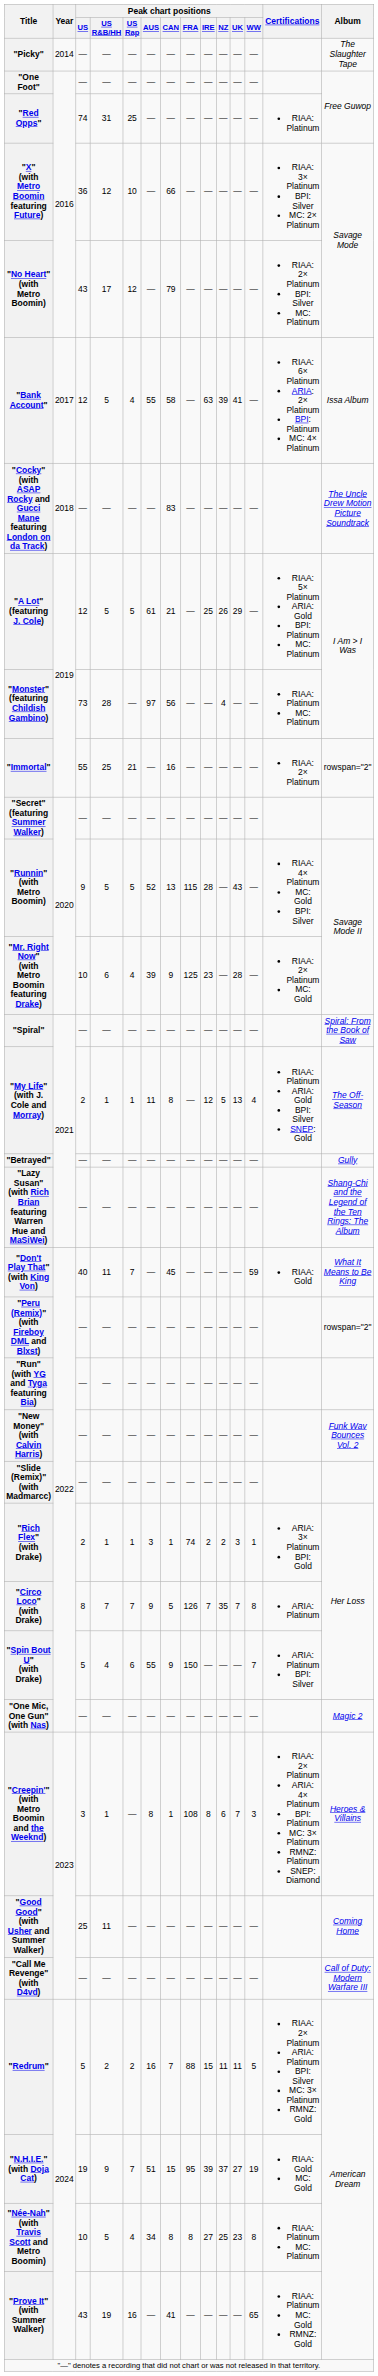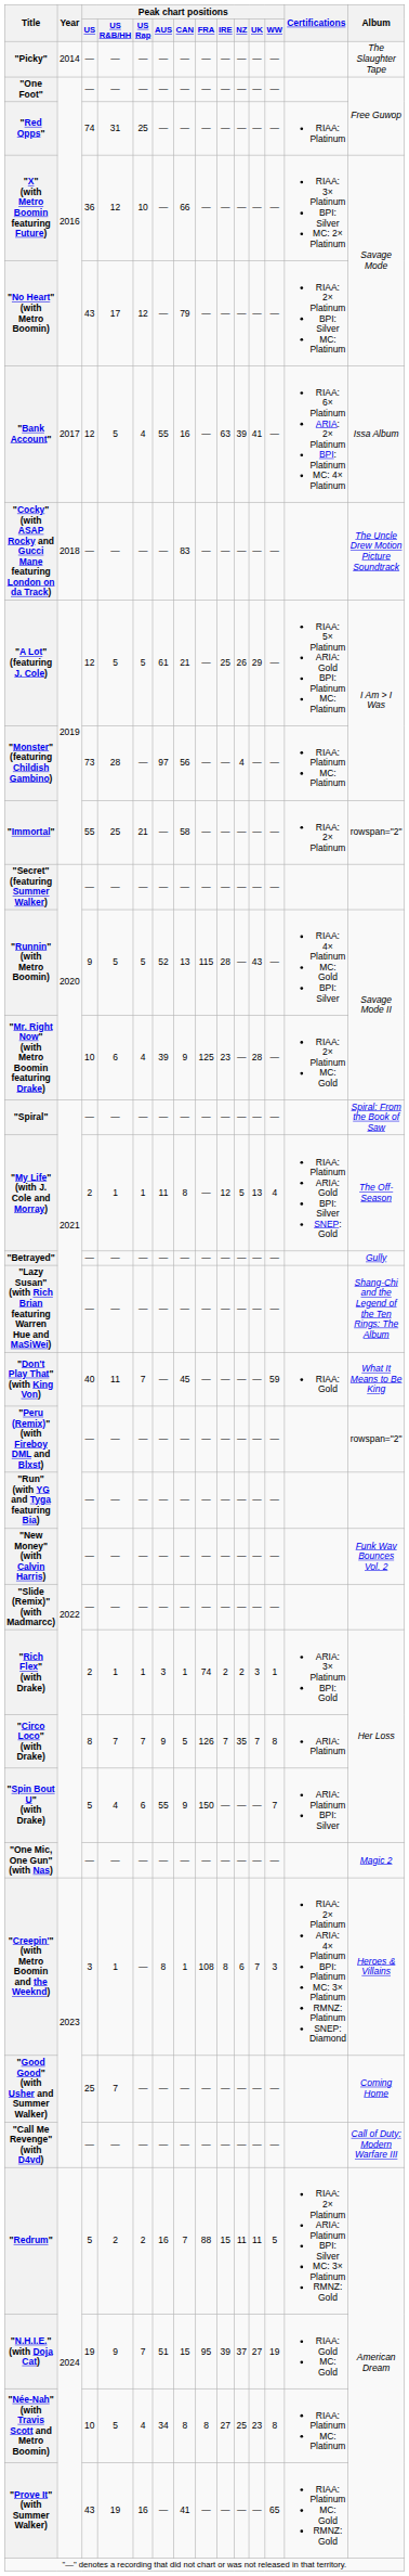 <table class="wikitable plainrowheaders" style="text-align:center;">
 <tr>
 <th scope="col" rowspan="2" style="width:14em;">Title</th>
 <th scope="col" rowspan="2">Year</th>
 <th scope="col" colspan="10">Peak chart positions</th>
 <th scope="col" rowspan="2" style="width:13em;"><a href='#'>Certifications</a></th>
 <th scope="col" rowspan="2">Album</th>
 </tr>
 <tr>
 <th scope="col" style="width:3em;font-size:90%;"><a href='#'>US</a><br></th>
 <th scope="col" style="width:3em;font-size:90%;"><a href='#'>US R&B/HH</a><br></th>
 <th scope="col" style="width:3em;font-size:90%;"><a href='#'>US Rap</a><br></th>
 <th scope="col" style="width:3em;font-size:90%;"><a href='#'>AUS</a><br></th>
 <th scope="col" style="width:3em;font-size:90%;"><a href='#'>CAN</a><br></th>
 <th scope="col" style="width:2.5em;font-size:90%;"><a href='#'>FRA</a><br></th>
 <th scope="col" style="width:2.5em;font-size:90%;"><a href='#'>IRE</a><br></th>
 <th scope="col" style="width:3em;font-size:90%;"><a href='#'>NZ</a><br></th>
 <th scope="col" style="width:3em;font-size:90%;"><a href='#'>UK</a><br></th>
 <th scope="col" style="width:3em;font-size:90%;"><a href='#'>WW</a><br></th>
 </tr>
 <tr>
 <th scope="row">"Picky"</th>
 <td>2014</td>
 <td>—</td>
 <td>—</td>
 <td>—</td>
 <td>—</td>
 <td>—</td>
 <td>—</td>
 <td>—</td>
 <td>—</td>
 <td>—</td>
 <td>—</td>
 <td></td>
 <td><em>The Slaughter Tape</em></td>
 </tr>
 <tr>
 <th scope="row">"One Foot"</th>
 <td rowspan="4">2016</td>
 <td>—</td>
 <td>—</td>
 <td>—</td>
 <td>—</td>
 <td>—</td>
 <td>—</td>
 <td>—</td>
 <td>—</td>
 <td>—</td>
 <td>—</td>
 <td></td>
 <td rowspan="2"><em>Free Guwop</em></td>
 </tr>
 <tr>
 <th scope="row">"<a href='#'>Red Opps</a>"</th>
 <td>74</td>
 <td>31</td>
 <td>25</td>
 <td>—</td>
 <td>—</td>
 <td>—</td>
 <td>—</td>
 <td>—</td>
 <td>—</td>
 <td>—</td>
 <td><br><ul><li>RIAA: Platinum</li></ul></td>
 </tr>
 <tr>
 <th scope="row">"<a href='#'>X</a>"<br><span>(with <a href='#'>Metro Boomin</a> featuring <a href='#'>Future</a>)</span></th>
 <td>36</td>
 <td>12</td>
 <td>10</td>
 <td>—</td>
 <td>66</td>
 <td>—</td>
 <td>—</td>
 <td>—</td>
 <td>—</td>
 <td>—</td>
 <td><br><ul><li>RIAA: 3× Platinum</li><li>BPI: Silver</li><li>MC: 2× Platinum</li></ul></td>
 <td rowspan="2"><em>Savage Mode</em></td>
 </tr>
 <tr>
 <th scope="row">"<a href='#'>No Heart</a>"<br><span>(with Metro Boomin)</span></th>
 <td>43</td>
 <td>17</td>
 <td>12</td>
 <td>—</td>
 <td>79</td>
 <td>—</td>
 <td>—</td>
 <td>—</td>
 <td>—</td>
 <td>—</td>
 <td><br><ul><li>RIAA: 2× Platinum</li><li>BPI: Silver</li><li>MC: Platinum</li></ul></td>
 </tr>
 <tr>
 <th scope="row">"<a href='#'>Bank Account</a>"</th>
 <td>2017</td>
 <td>12</td>
 <td>5</td>
 <td>4</td>
 <td>55</td>
-<td>58</td>
+<td>16</td>
 <td>—</td>
 <td>63</td>
 <td>39</td>
 <td>41</td>
 <td>—</td>
 <td><br><ul><li>RIAA: 6× Platinum</li><li><a href='#'>ARIA</a>: 2× Platinum</li><li><a href='#'>BPI</a>: Platinum</li><li>MC: 4× Platinum</li></ul></td>
 <td><em>Issa Album</em></td>
 </tr>
 <tr>
 <th scope="row">"<a href='#'>Cocky</a>"<br><span>(with <a href='#'>ASAP Rocky</a> and <a href='#'>Gucci Mane</a> featuring <a href='#'>London on da Track</a>)</span></th>
 <td>2018</td>
 <td>—</td>
 <td>—</td>
 <td>—</td>
 <td>—</td>
 <td>83</td>
 <td>—</td>
 <td>—</td>
 <td>—</td>
 <td>—</td>
 <td>—</td>
 <td></td>
 <td><em><a href='#'>The Uncle Drew Motion Picture Soundtrack</a></em></td>
 </tr>
 <tr>
 <th scope="row">"<a href='#'>A Lot</a>"<br><span>(featuring <a href='#'>J. Cole</a>)</span></th>
 <td rowspan="3">2019</td>
 <td>12</td>
 <td>5</td>
 <td>5</td>
 <td>61</td>
 <td>21</td>
 <td>—</td>
 <td>25</td>
 <td>26</td>
 <td>29</td>
 <td>—</td>
 <td><br><ul><li>RIAA: 5× Platinum</li><li>ARIA: Gold</li><li>BPI: Platinum</li><li>MC: Platinum</li></ul></td>
 <td rowspan="2"><em>I Am > I Was</em></td>
 </tr>
 <tr>
 <th scope="row">"<a href='#'>Monster</a>"<br><span>(featuring <a href='#'>Childish Gambino</a>)</span></th>
 <td>73</td>
 <td>28</td>
 <td>—</td>
 <td>97</td>
 <td>56</td>
 <td>—</td>
 <td>—</td>
 <td>4</td>
 <td>—</td>
 <td>—</td>
 <td><br><ul><li>RIAA: Platinum</li><li>MC: Platinum</li></ul></td>
 </tr>
 <tr>
 <th scope="row">"<a href='#'>Immortal</a>"</th>
 <td>55</td>
 <td>25</td>
 <td>21</td>
 <td>—</td>
-<td>16</td>
+<td>58</td>
 <td>—</td>
 <td>—</td>
 <td>—</td>
 <td>—</td>
 <td>—</td>
 <td><br><ul><li>RIAA: 2× Platinum</li></ul></td>
 <td>rowspan="2" </td>
 </tr>
 <tr>
 <th scope="row">"Secret"<br><span>(featuring <a href='#'>Summer Walker</a>)</span></th>
 <td rowspan="3">2020</td>
 <td>—</td>
 <td>—</td>
 <td>—</td>
 <td>—</td>
 <td>—</td>
 <td>—</td>
 <td>—</td>
 <td>—</td>
 <td>—</td>
 <td>—</td>
 <td></td>
 </tr>
 <tr>
 <th scope="row">"<a href='#'>Runnin</a>"<br><span>(with Metro Boomin)</span></th>
 <td>9</td>
 <td>5</td>
 <td>5</td>
 <td>52</td>
 <td>13</td>
 <td>115</td>
 <td>28</td>
 <td>—</td>
 <td>43</td>
 <td>—</td>
 <td><br><ul><li>RIAA: 4× Platinum</li><li>MC: Gold</li><li>BPI: Silver</li></ul></td>
 <td rowspan="2"><em>Savage Mode II</em></td>
 </tr>
 <tr>
 <th scope="row">"<a href='#'>Mr. Right Now</a>"<br><span>(with Metro Boomin featuring <a href='#'>Drake</a>)</span></th>
 <td>10</td>
 <td>6</td>
 <td>4</td>
 <td>39</td>
 <td>9</td>
 <td>125</td>
 <td>23</td>
 <td>—</td>
 <td>28</td>
 <td>—</td>
 <td><br><ul><li>RIAA: 2× Platinum</li><li>MC: Gold</li></ul></td>
 </tr>
 <tr>
 <th scope="row">"Spiral"</th>
 <td rowspan="4">2021</td>
 <td>—</td>
 <td>—</td>
 <td>—</td>
 <td>—</td>
 <td>—</td>
 <td>—</td>
 <td>—</td>
 <td>—</td>
 <td>—</td>
 <td>—</td>
 <td></td>
 <td><em><a href='#'>Spiral: From the Book of Saw</a></em></td>
 </tr>
 <tr>
 <th scope="row">"<a href='#'>My Life</a>"<br><span>(with J. Cole and <a href='#'>Morray</a>)</span></th>
 <td>2</td>
 <td>1</td>
 <td>1</td>
 <td>11</td>
 <td>8</td>
 <td>—</td>
 <td>12</td>
 <td>5</td>
 <td>13</td>
 <td>4</td>
 <td><br><ul><li>RIAA: Platinum</li><li>ARIA: Gold</li><li>BPI: Silver</li><li><a href='#'>SNEP</a>: Gold</li></ul></td>
 <td><em><a href='#'>The Off-Season</a></em></td>
 </tr>
 <tr>
 <th scope="row">"Betrayed"</th>
 <td>—</td>
 <td>—</td>
 <td>—</td>
 <td>—</td>
 <td>—</td>
 <td>—</td>
 <td>—</td>
 <td>—</td>
 <td>—</td>
 <td>—</td>
 <td></td>
 <td><em><a href='#'>Gully</a></em></td>
 </tr>
 <tr>
 <th scope="row">"Lazy Susan"<br><span>(with <a href='#'>Rich Brian</a> featuring Warren Hue and <a href='#'>MaSiWei</a>)</span></th>
 <td>—</td>
 <td>—</td>
 <td>—</td>
 <td>—</td>
 <td>—</td>
 <td>—</td>
 <td>—</td>
 <td>—</td>
 <td>—</td>
 <td>—</td>
 <td></td>
 <td><em><a href='#'>Shang-Chi and the Legend of the Ten Rings: The Album</a></em></td>
 </tr>
 <tr>
 <th scope="row">"<a href='#'>Don't Play That</a>"<br><span>(with <a href='#'>King Von</a>)</span></th>
 <td rowspan="9">2022</td>
 <td>40</td>
 <td>11</td>
 <td>7</td>
 <td>—</td>
 <td>45</td>
 <td>—</td>
 <td>—</td>
 <td>—</td>
 <td>—</td>
 <td>59</td>
 <td><br><ul><li>RIAA: Gold</li></ul></td>
 <td><em><a href='#'>What It Means to Be King</a></em></td>
 </tr>
 <tr>
 <th scope="row">"<a href='#'>Peru (Remix)</a>"<br><span>(with <a href='#'>Fireboy DML</a> and <a href='#'>Blxst</a>)</span></th>
 <td>—</td>
 <td>—</td>
 <td>—</td>
 <td>—</td>
 <td>—</td>
 <td>—</td>
 <td>—</td>
 <td>—</td>
 <td>—</td>
 <td>—</td>
 <td></td>
 <td>rowspan="2" </td>
 </tr>
 <tr>
 <th scope="row">"Run"<br><span>(with <a href='#'>YG</a> and <a href='#'>Tyga</a> featuring <a href='#'>Bia</a>)</span></th>
 <td>—</td>
 <td>—</td>
 <td>—</td>
 <td>—</td>
 <td>—</td>
 <td>—</td>
 <td>—</td>
 <td>—</td>
 <td>—</td>
 <td>—</td>
 <td></td>
 </tr>
 <tr>
 <th scope="row">"New Money"<br><span>(with <a href='#'>Calvin Harris</a>)</span></th>
 <td>—</td>
 <td>—</td>
 <td>—</td>
 <td>—</td>
 <td>—</td>
 <td>—</td>
 <td>—</td>
 <td>—</td>
 <td>—</td>
 <td>—</td>
 <td></td>
 <td><em><a href='#'>Funk Wav Bounces Vol. 2</a></em></td>
 </tr>
 <tr>
 <th scope="row">"Slide (Remix)"<br><span>(with Madmarcc)</span></th>
 <td>—</td>
 <td>—</td>
 <td>—</td>
 <td>—</td>
 <td>—</td>
 <td>—</td>
 <td>—</td>
 <td>—</td>
 <td>—</td>
 <td>—</td>
 <td></td>
 <td></td>
 </tr>
 <tr>
 <th scope="row">"<a href='#'>Rich Flex</a>"<br><span>(with Drake)</span></th>
 <td>2</td>
 <td>1</td>
 <td>1</td>
 <td>3</td>
 <td>1</td>
 <td>74</td>
 <td>2</td>
 <td>2</td>
 <td>3</td>
 <td>1</td>
 <td><br><ul><li>ARIA: 3× Platinum</li><li>BPI: Gold</li></ul></td>
 <td rowspan="3"><em>Her Loss</em></td>
 </tr>
 <tr>
 <th scope="row">"<a href='#'>Circo Loco</a>"<br><span>(with Drake)</span></th>
 <td>8</td>
 <td>7</td>
 <td>7</td>
 <td>9</td>
 <td>5</td>
 <td>126</td>
 <td>7</td>
 <td>35</td>
 <td>7</td>
 <td>8</td>
 <td><br><ul><li>ARIA: Platinum</li></ul></td>
 </tr>
 <tr>
 <th scope="row">"<a href='#'>Spin Bout U</a>"<br><span>(with Drake)</span></th>
 <td>5</td>
 <td>4</td>
 <td>6</td>
 <td>55</td>
 <td>9</td>
 <td>150</td>
 <td>—</td>
 <td>—</td>
 <td>—</td>
 <td>7</td>
 <td><br><ul><li>ARIA: Platinum</li><li>BPI: Silver</li></ul></td>
 </tr>
 <tr>
 <th scope="row">"One Mic, One Gun"<br><span>(with <a href='#'>Nas</a>)</span></th>
 <td>—</td>
 <td>—</td>
 <td>—</td>
 <td>—</td>
 <td>—</td>
 <td>—</td>
 <td>—</td>
 <td>—</td>
 <td>—</td>
 <td>—</td>
 <td></td>
 <td><em><a href='#'>Magic 2</a></em></td>
 </tr>
 <tr>
 <th scope="row">"<a href='#'>Creepin'</a>"<br><span>(with Metro Boomin and <a href='#'>the Weeknd</a>)</span></th>
 <td rowspan="3">2023</td>
 <td>3</td>
 <td>1</td>
 <td>—</td>
 <td>8</td>
 <td>1</td>
 <td>108</td>
 <td>8</td>
 <td>6</td>
 <td>7</td>
 <td>3</td>
 <td><br><ul><li>RIAA: 2× Platinum</li><li>ARIA: 4× Platinum</li><li>BPI: Platinum</li><li>MC: 3× Platinum</li><li>RMNZ: Platinum</li><li>SNEP: Diamond</li></ul></td>
 <td><em><a href='#'>Heroes & Villains</a></em></td>
 </tr>
 <tr>
 <th scope="row">"<a href='#'>Good Good</a>"<br><span>(with <a href='#'>Usher</a> and Summer Walker)</span></th>
 <td>25</td>
-<td>11</td>
+<td>7</td>
 <td>—</td>
 <td>—</td>
 <td>—</td>
 <td>—</td>
 <td>—</td>
 <td>—</td>
 <td>—</td>
 <td>—</td>
 <td></td>
 <td><em><a href='#'>Coming Home</a></em></td>
 </tr>
 <tr>
 <th scope="row">"Call Me Revenge"<br><span>(with <a href='#'>D4vd</a>)</span></th>
 <td>—</td>
 <td>—</td>
 <td>—</td>
 <td>—</td>
 <td>—</td>
 <td>—</td>
 <td>—</td>
 <td>—</td>
 <td>—</td>
 <td>—</td>
 <td></td>
 <td><em><a href='#'>Call of Duty: Modern Warfare III</a></em></td>
 </tr>
 <tr>
 <th scope="row">"<a href='#'>Redrum</a>"</th>
 <td rowspan="4">2024</td>
 <td>5</td>
 <td>2</td>
 <td>2</td>
 <td>16</td>
 <td>7</td>
 <td>88</td>
 <td>15</td>
 <td>11</td>
 <td>11</td>
 <td>5</td>
 <td><br><ul><li>RIAA: 2× Platinum</li><li>ARIA: Platinum</li><li>BPI: Silver</li><li>MC: 3× Platinum</li><li>RMNZ: Gold</li></ul></td>
 <td rowspan="4"><em>American Dream</em></td>
 </tr>
 <tr>
 <th scope="row">"<a href='#'>N.H.I.E.</a>"<br><span>(with <a href='#'>Doja Cat</a>)</span></th>
 <td>19</td>
 <td>9</td>
 <td>7</td>
 <td>51</td>
 <td>15</td>
 <td>95</td>
 <td>39</td>
 <td>37</td>
 <td>27</td>
 <td>19</td>
 <td><br><ul><li>RIAA: Gold</li><li>MC: Gold</li></ul></td>
 </tr>
 <tr>
 <th scope="row">"<a href='#'>Née-Nah</a>"<br><span>(with <a href='#'>Travis Scott</a> and Metro Boomin)</span></th>
 <td>10</td>
 <td>5</td>
 <td>4</td>
 <td>34</td>
 <td>8</td>
 <td>8</td>
 <td>27</td>
 <td>25</td>
 <td>23</td>
 <td>8</td>
 <td><br><ul><li>RIAA: Platinum</li><li>MC: Platinum</li></ul></td>
 </tr>
 <tr>
 <th scope="row">"<a href='#'>Prove It</a>"<br><span>(with Summer Walker)</span></th>
 <td>43</td>
 <td>19</td>
 <td>16</td>
 <td>—</td>
 <td>41</td>
 <td>—</td>
 <td>—</td>
 <td>—</td>
 <td>—</td>
 <td>65</td>
 <td><br><ul><li>RIAA: Platinum</li><li>MC: Gold</li><li>RMNZ: Gold</li></ul></td>
 </tr>
 <tr>
 <td colspan="14" style="font-size:90%">"—" denotes a recording that did not chart or was not released in that territory.</td>
 </tr>
 </table>
